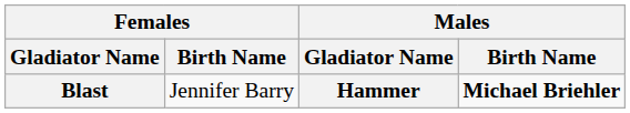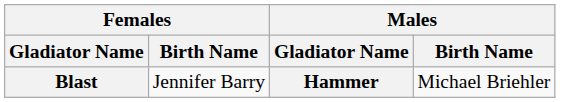 <table class="wikitable">
 <tr>
 <th colspan=2>Females</th>
 <th colspan=2>Males</th>
 </tr>
 <tr>
 <th scope="col">Gladiator Name</th>
 <th scope="col">Birth Name</th>
 <th scope="col">Gladiator Name</th>
 <th scope="col">Birth Name</th>
 </tr>
 <tr>
 <th>Blast</th>
 <td>Jennifer Barry</td>
 <th>Hammer</th>
-<td><strong>Michael Briehler</strong></td>
+<td>Michael Briehler</td>
 </tr>
 </table>
